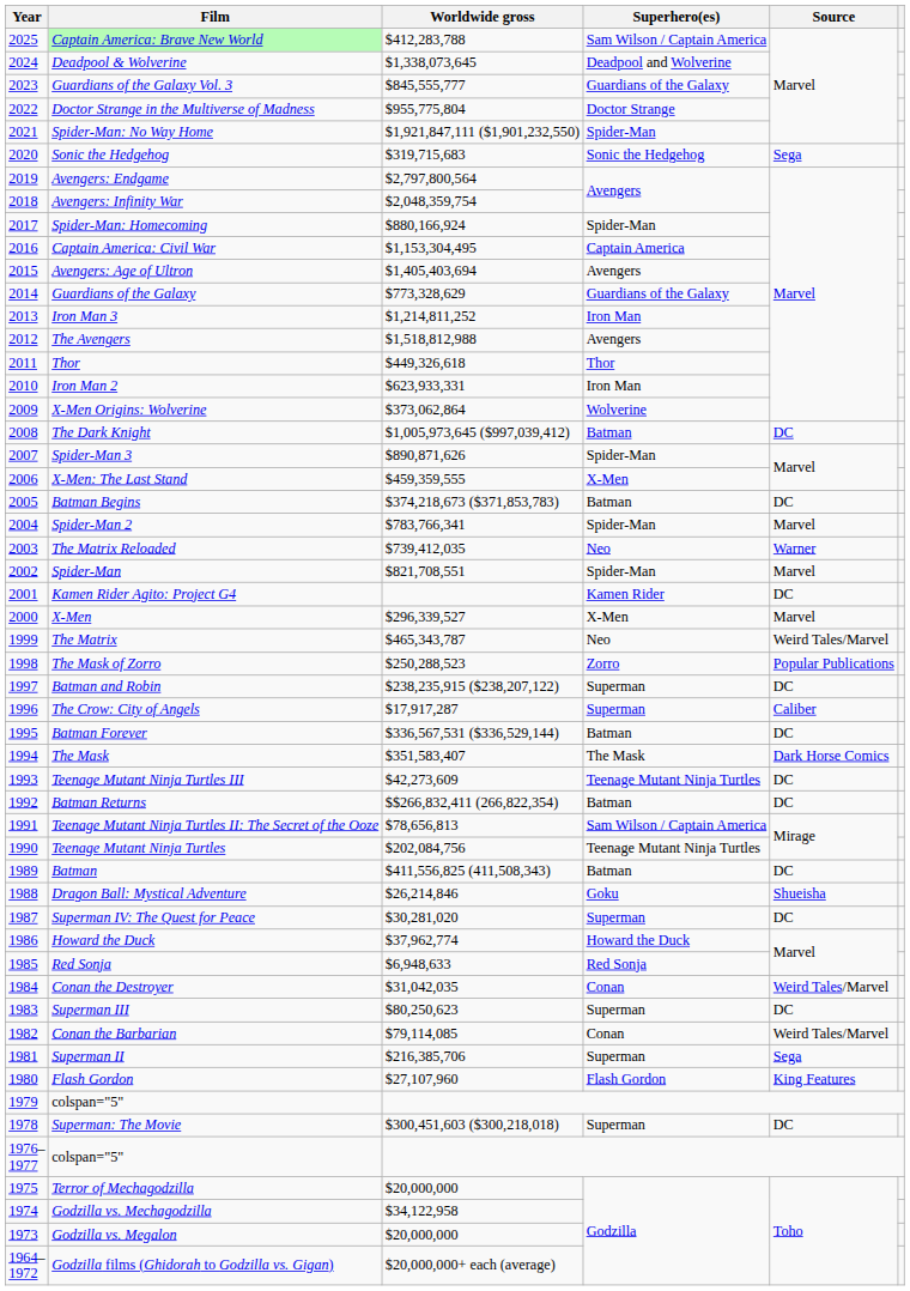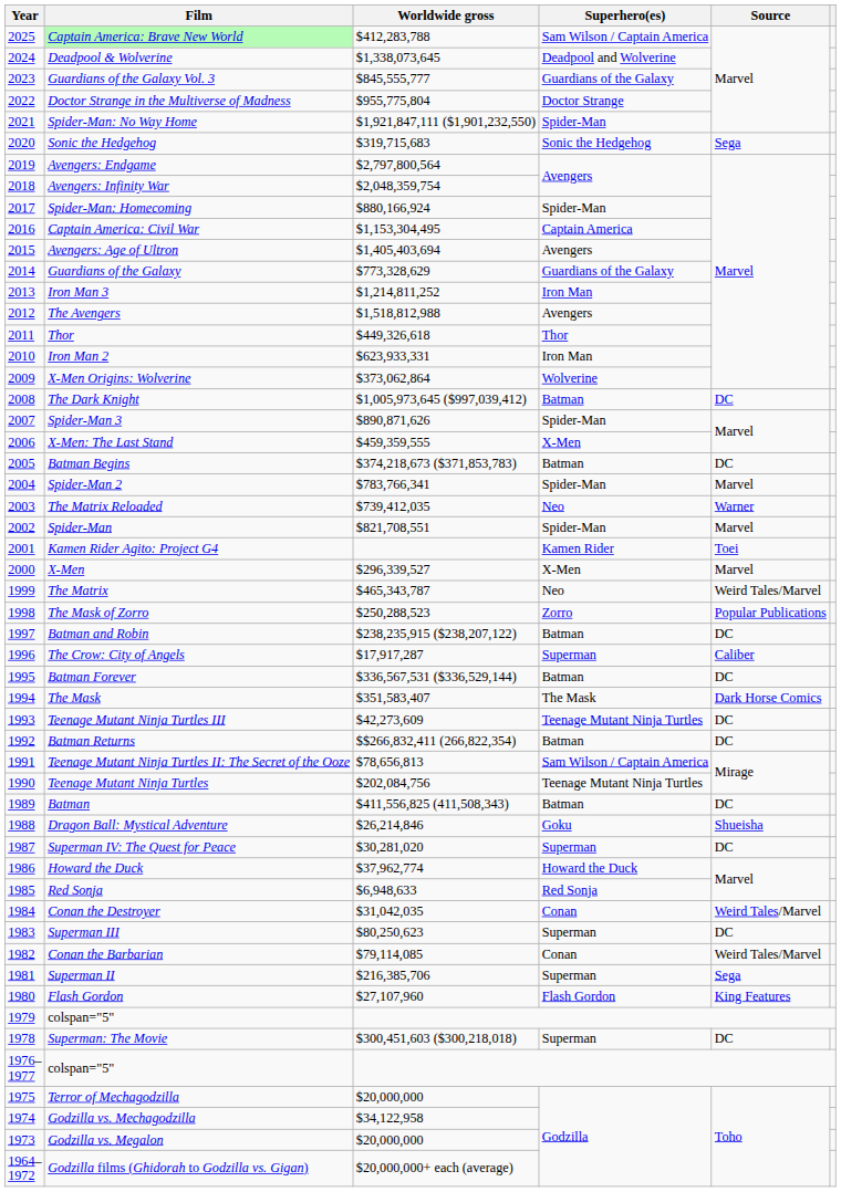 <table class="wikitable sortable">
 <tr>
 <th>Year</th>
 <th>Film</th>
 <th>Worldwide gross</th>
 <th>Superhero(es)</th>
 <th>Source</th>
 <th class=unsortable></th>
 </tr>
 <tr>
 <td><a href='#'>2025</a></td>
 <td style="background:#b6fcb6;"><em><a href='#'>Captain America: Brave New World</a></em></td>
 <td>$412,283,788</td>
 <td><a href='#'>Sam Wilson / Captain America</a></td>
 <td rowspan="5">Marvel</td>
 <td></td>
 </tr>
 <tr>
 <td><a href='#'>2024</a></td>
 <td><em><a href='#'>Deadpool & Wolverine</a></em></td>
 <td>$1,338,073,645</td>
 <td><a href='#'>Deadpool</a> and <a href='#'>Wolverine</a></td>
 <td></td>
 </tr>
 <tr>
 <td><a href='#'>2023</a></td>
 <td><em><a href='#'>Guardians of the Galaxy Vol. 3</a></em></td>
 <td>$845,555,777</td>
 <td><a href='#'>Guardians of the Galaxy</a></td>
 <td></td>
 </tr>
 <tr>
 <td><a href='#'>2022</a></td>
 <td><em><a href='#'>Doctor Strange in the Multiverse of Madness</a></em></td>
 <td>$955,775,804</td>
 <td><a href='#'>Doctor Strange</a></td>
 <td></td>
 </tr>
 <tr>
 <td><a href='#'>2021</a></td>
 <td><em><a href='#'>Spider-Man: No Way Home</a></em></td>
 <td>$1,921,847,111 ($1,901,232,550)</td>
 <td><a href='#'>Spider-Man</a></td>
 <td></td>
 </tr>
 <tr>
 <td><a href='#'>2020</a></td>
 <td><em><a href='#'>Sonic the Hedgehog</a></em></td>
 <td>$319,715,683</td>
 <td><a href='#'>Sonic the Hedgehog</a></td>
 <td><a href='#'>Sega</a></td>
 <td></td>
 </tr>
 <tr>
 <td><a href='#'>2019</a></td>
 <td><em><a href='#'>Avengers: Endgame</a></em></td>
 <td>$2,797,800,564</td>
 <td rowspan=2><a href='#'>Avengers</a></td>
 <td rowspan=11><a href='#'>Marvel</a></td>
 <td></td>
 </tr>
 <tr>
 <td><a href='#'>2018</a></td>
 <td><em><a href='#'>Avengers: Infinity War</a></em></td>
 <td>$2,048,359,754</td>
 <td></td>
 </tr>
 <tr>
 <td><a href='#'>2017</a></td>
 <td><em><a href='#'>Spider-Man: Homecoming</a></em></td>
 <td>$880,166,924</td>
 <td>Spider-Man</td>
 <td></td>
 </tr>
 <tr>
 <td><a href='#'>2016</a></td>
 <td><em><a href='#'>Captain America: Civil War</a></em></td>
 <td>$1,153,304,495</td>
 <td><a href='#'>Captain America</a></td>
 <td></td>
 </tr>
 <tr>
 <td><a href='#'>2015</a></td>
 <td><em><a href='#'>Avengers: Age of Ultron</a></em></td>
 <td>$1,405,403,694</td>
 <td>Avengers</td>
 <td></td>
 </tr>
 <tr>
 <td><a href='#'>2014</a></td>
 <td><em><a href='#'>Guardians of the Galaxy</a></em></td>
 <td>$773,328,629</td>
 <td><a href='#'>Guardians of the Galaxy</a></td>
 <td></td>
 </tr>
 <tr>
 <td><a href='#'>2013</a></td>
 <td><em><a href='#'>Iron Man 3</a></em></td>
 <td>$1,214,811,252</td>
 <td><a href='#'>Iron Man</a></td>
 <td></td>
 </tr>
 <tr>
 <td><a href='#'>2012</a></td>
 <td><em><a href='#'>The Avengers</a></em></td>
 <td>$1,518,812,988</td>
 <td>Avengers</td>
 <td></td>
 </tr>
 <tr>
 <td><a href='#'>2011</a></td>
 <td><em><a href='#'>Thor</a></em></td>
 <td>$449,326,618</td>
 <td><a href='#'>Thor</a></td>
 <td></td>
 </tr>
 <tr>
 <td><a href='#'>2010</a></td>
 <td><em><a href='#'>Iron Man 2</a></em></td>
 <td>$623,933,331</td>
 <td>Iron Man</td>
 <td></td>
 </tr>
 <tr>
 <td><a href='#'>2009</a></td>
 <td><em><a href='#'>X-Men Origins: Wolverine</a></em></td>
 <td>$373,062,864</td>
 <td><a href='#'>Wolverine</a></td>
 <td></td>
 </tr>
 <tr>
 <td><a href='#'>2008</a></td>
 <td><em><a href='#'>The Dark Knight</a></em></td>
 <td>$1,005,973,645 ($997,039,412)</td>
 <td><a href='#'>Batman</a></td>
 <td><a href='#'>DC</a></td>
 <td></td>
 </tr>
 <tr>
 <td><a href='#'>2007</a></td>
 <td><em><a href='#'>Spider-Man 3</a></em></td>
 <td>$890,871,626</td>
 <td>Spider-Man</td>
 <td rowspan=2>Marvel</td>
 <td></td>
 </tr>
 <tr>
 <td><a href='#'>2006</a></td>
 <td><em><a href='#'>X-Men: The Last Stand</a></em></td>
 <td>$459,359,555</td>
 <td><a href='#'>X-Men</a></td>
 <td></td>
 </tr>
 <tr>
 <td><a href='#'>2005</a></td>
 <td><em><a href='#'>Batman Begins</a></em></td>
 <td>$374,218,673 ($371,853,783)</td>
 <td>Batman</td>
 <td>DC</td>
 <td></td>
 </tr>
 <tr>
 <td><a href='#'>2004</a></td>
 <td><em><a href='#'>Spider-Man 2</a></em></td>
 <td>$783,766,341</td>
 <td>Spider-Man</td>
 <td>Marvel</td>
 <td></td>
 </tr>
 <tr>
 <td><a href='#'>2003</a></td>
 <td><em><a href='#'>The Matrix Reloaded</a></em></td>
 <td>$739,412,035</td>
 <td><a href='#'>Neo</a></td>
 <td><a href='#'>Warner</a></td>
 <td></td>
 </tr>
 <tr>
 <td><a href='#'>2002</a></td>
 <td><em><a href='#'>Spider-Man</a></em></td>
 <td>$821,708,551</td>
 <td>Spider-Man</td>
 <td>Marvel</td>
 <td></td>
 </tr>
 <tr>
 <td><a href='#'>2001</a></td>
 <td><em><a href='#'>Kamen Rider Agito: Project G4</a></em></td>
 <td></td>
 <td><a href='#'>Kamen Rider</a></td>
-<td>DC</td>
+<td><a href='#'>Toei</a></td>
 <td></td>
 </tr>
 <tr>
 <td><a href='#'>2000</a></td>
 <td><em><a href='#'>X-Men</a></em></td>
 <td>$296,339,527</td>
 <td>X-Men</td>
 <td>Marvel</td>
 <td></td>
 </tr>
 <tr>
 <td><a href='#'>1999</a></td>
 <td><em><a href='#'>The Matrix</a></em></td>
 <td>$465,343,787</td>
 <td>Neo</td>
 <td>Weird Tales/Marvel</td>
 <td></td>
 </tr>
 <tr>
 <td><a href='#'>1998</a></td>
 <td><em><a href='#'>The Mask of Zorro</a></em></td>
 <td>$250,288,523</td>
 <td><a href='#'>Zorro</a></td>
 <td><a href='#'>Popular Publications</a></td>
 <td></td>
 </tr>
 <tr>
 <td><a href='#'>1997</a></td>
 <td><em><a href='#'>Batman and Robin</a></em></td>
 <td>$238,235,915 ($238,207,122)</td>
-<td>Superman</td>
+<td>Batman</td>
 <td>DC</td>
 <td></td>
 </tr>
 <tr>
 <td><a href='#'>1996</a></td>
 <td><em><a href='#'>The Crow: City of Angels</a></em></td>
 <td>$17,917,287</td>
 <td><a href='#'>Superman</a></td>
 <td><a href='#'>Caliber</a></td>
 <td></td>
 </tr>
 <tr>
 <td><a href='#'>1995</a></td>
 <td><em><a href='#'>Batman Forever</a></em></td>
 <td>$336,567,531 ($336,529,144)</td>
 <td>Batman</td>
 <td>DC</td>
 <td></td>
 </tr>
 <tr>
 <td><a href='#'>1994</a></td>
 <td><em><a href='#'>The Mask</a></em></td>
 <td>$351,583,407</td>
 <td>The Mask</td>
 <td><a href='#'>Dark Horse Comics</a></td>
 <td></td>
 </tr>
 <tr>
 <td><a href='#'>1993</a></td>
 <td><em><a href='#'>Teenage Mutant Ninja Turtles III</a></em></td>
 <td>$42,273,609</td>
 <td><a href='#'>Teenage Mutant Ninja Turtles</a></td>
 <td>DC</td>
 <td></td>
 </tr>
 <tr>
 <td><a href='#'>1992</a></td>
 <td><em><a href='#'>Batman Returns</a></em></td>
 <td>$$266,832,411 (266,822,354)</td>
 <td>Batman</td>
 <td>DC</td>
 <td></td>
 </tr>
 <tr>
 <td><a href='#'>1991</a></td>
 <td><em><a href='#'>Teenage Mutant Ninja Turtles II: The Secret of the Ooze</a></em></td>
 <td>$78,656,813</td>
 <td><a href='#'>Sam Wilson / Captain America</a></td>
 <td rowspan="2">Mirage</td>
 <td></td>
 </tr>
 <tr>
 <td><a href='#'>1990</a></td>
 <td><em><a href='#'>Teenage Mutant Ninja Turtles</a></em></td>
 <td>$202,084,756</td>
 <td>Teenage Mutant Ninja Turtles</td>
 <td></td>
 </tr>
 <tr>
 <td><a href='#'>1989</a></td>
 <td><em><a href='#'>Batman</a></em></td>
 <td>$411,556,825 (411,508,343)</td>
 <td>Batman</td>
 <td>DC</td>
 <td></td>
 </tr>
 <tr>
 <td><a href='#'>1988</a></td>
 <td><em><a href='#'>Dragon Ball: Mystical Adventure</a></em></td>
 <td>$26,214,846</td>
 <td><a href='#'>Goku</a></td>
 <td><a href='#'>Shueisha</a></td>
 <td></td>
 </tr>
 <tr>
 <td><a href='#'>1987</a></td>
 <td><em><a href='#'>Superman IV: The Quest for Peace</a></em></td>
 <td>$30,281,020</td>
 <td><a href='#'>Superman</a></td>
 <td>DC</td>
 <td></td>
 </tr>
 <tr>
 <td><a href='#'>1986</a></td>
 <td><em><a href='#'>Howard the Duck</a></em></td>
 <td>$37,962,774</td>
 <td><a href='#'>Howard the Duck</a></td>
 <td rowspan="2">Marvel</td>
 <td></td>
 </tr>
 <tr>
 <td><a href='#'>1985</a></td>
 <td><em><a href='#'>Red Sonja</a></em></td>
 <td>$6,948,633</td>
 <td><a href='#'>Red Sonja</a></td>
 <td></td>
 </tr>
 <tr>
 <td><a href='#'>1984</a></td>
 <td><em><a href='#'>Conan the Destroyer</a></em></td>
 <td>$31,042,035</td>
 <td><a href='#'>Conan</a></td>
 <td><a href='#'>Weird Tales</a>/Marvel</td>
 <td></td>
 </tr>
 <tr>
 <td><a href='#'>1983</a></td>
 <td><em><a href='#'>Superman III</a></em></td>
 <td>$80,250,623</td>
 <td>Superman</td>
 <td>DC</td>
 <td></td>
 </tr>
 <tr>
 <td><a href='#'>1982</a></td>
 <td><em><a href='#'>Conan the Barbarian</a></em></td>
 <td>$79,114,085</td>
 <td>Conan</td>
 <td>Weird Tales/Marvel</td>
 <td></td>
 </tr>
 <tr>
 <td><a href='#'>1981</a></td>
 <td><em><a href='#'>Superman II</a></em></td>
 <td>$216,385,706</td>
 <td>Superman</td>
 <td><a href='#'>Sega</a></td>
 <td></td>
 </tr>
 <tr>
 <td><a href='#'>1980</a></td>
 <td><em><a href='#'>Flash Gordon</a></em></td>
 <td>$27,107,960</td>
 <td><a href='#'>Flash Gordon</a></td>
 <td><a href='#'>King Features</a></td>
 <td></td>
 </tr>
 <tr>
 <td><a href='#'>1979</a></td>
 <td>colspan="5" </td>
 </tr>
 <tr>
 <td><a href='#'>1978</a></td>
 <td><em><a href='#'>Superman: The Movie</a></em></td>
 <td>$300,451,603 ($300,218,018)</td>
 <td>Superman</td>
 <td>DC</td>
 <td></td>
 </tr>
 <tr>
 <td><a href='#'>1976</a>–<br><a href='#'>1977</a></td>
 <td>colspan="5" </td>
 </tr>
 <tr>
 <td><a href='#'>1975</a></td>
 <td><em><a href='#'>Terror of Mechagodzilla</a></em></td>
 <td>$20,000,000</td>
 <td rowspan="4"><a href='#'>Godzilla</a></td>
 <td rowspan="4"><a href='#'>Toho</a></td>
 <td></td>
 </tr>
 <tr>
 <td><a href='#'>1974</a></td>
 <td><em><a href='#'>Godzilla vs. Mechagodzilla</a></em></td>
 <td>$34,122,958</td>
 <td></td>
 </tr>
 <tr>
 <td><a href='#'>1973</a></td>
 <td><em><a href='#'>Godzilla vs. Megalon</a></em></td>
 <td>$20,000,000</td>
 <td></td>
 </tr>
 <tr>
 <td><a href='#'>1964</a>–<br><a href='#'>1972</a></td>
 <td><a href='#'><em>Godzilla</em> films (<em>Ghidorah</em> to <em>Godzilla vs. Gigan</em>)</a></td>
 <td>$20,000,000+ each (average)</td>
 <td></td>
 </tr>
 </table>
